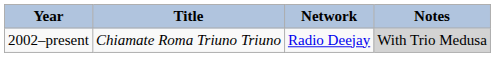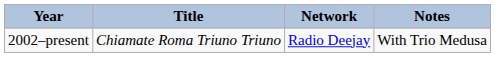 <table class="wikitable">
 <tr>
 <th style="background:#B0C4DE;">Year</th>
 <th style="background:#B0C4DE;">Title</th>
 <th colspan="2" style="background:#B0C4DE;">Network</th>
 <th style="background:#B0C4DE;">Notes</th>
 </tr>
 <tr>
 <td>2002–present</td>
 <td><em>Chiamate Roma Triuno Triuno</em></td>
 <td colspan="2"><a href='#'>Radio Deejay</a></td>
-<td style="background: lightgrey;">With Trio Medusa</td>
+<td>With Trio Medusa</td>
 </tr>
 </table>
